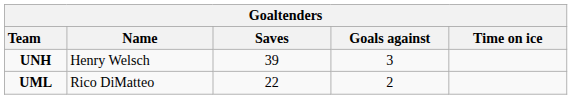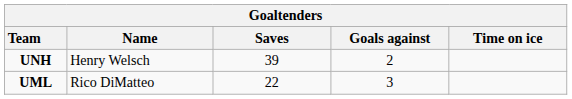 <table class="wikitable" style="width:40em; text-align:right;">
 <tr>
 <th colspan=5>Goaltenders</th>
 </tr>
 <tr>
 <th style="width:4em; text-align:left;">Team</th>
 <th style="width:10em;">Name</th>
 <th style="width:8em;">Saves</th>
 <th style="width:8em;">Goals against</th>
 <th style="width:8em;">Time on ice</th>
 </tr>
 <tr>
 <td align=center><strong>UNH</strong></td>
 <td style="text-align:left;">Henry Welsch</td>
 <td align=center>39</td>
-<td align=center>3</td>
+<td align=center>2</td>
 <td align=center></td>
 </tr>
 <tr>
 <td align=center><strong>UML</strong></td>
 <td style="text-align:left;">Rico DiMatteo</td>
 <td align=center>22</td>
-<td align=center>2</td>
+<td align=center>3</td>
 <td align=center></td>
 </tr>
 </table>
